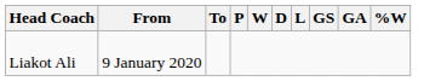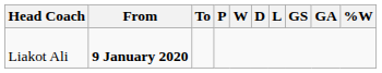 <table class="wikitable sortable" style="text-align:center">
 <tr>
 <th>Head Coach</th>
 <th class="unsortable">From</th>
 <th class="unsortable">To</th>
 <th abbr="1">P</th>
 <th abbr="0">W</th>
 <th abbr="0">D</th>
 <th abbr="1">L</th>
 <th abbr="0">GS</th>
 <th abbr="1">GA</th>
 <th abbr="00">%W</th>
 </tr>
 <tr>
 <td align=left><br> Liakot Ali</td>
-<td align=left><br>9 January 2020</td>
+<td align=left><strong><br>9 January 2020</strong></td>
 <td align=left><br></td>
 </tr>
 </table>
